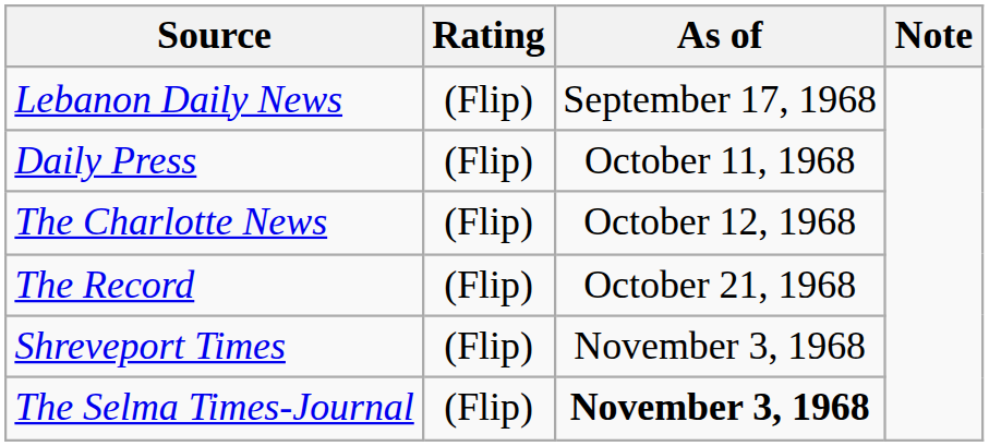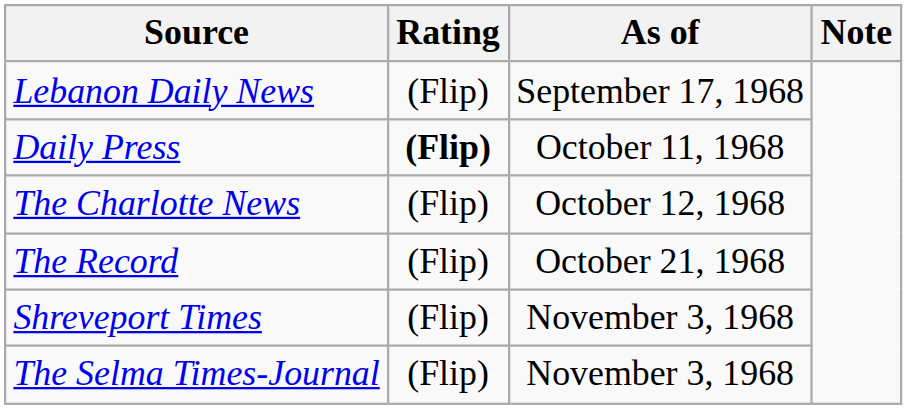 <table class="wikitable" style="text-align:center">
 <tr>
 <th>Source</th>
 <th>Rating</th>
 <th>As of</th>
 <th>Note</th>
 </tr>
 <tr>
 <td align="left"><em><a href='#'>Lebanon Daily News</a></em></td>
 <td>(Flip)</td>
 <td>September 17, 1968</td>
 <td rowspan="6"></td>
 </tr>
 <tr>
 <td align="left"><em><a href='#'>Daily Press</a></em></td>
-<td>(Flip)</td>
+<td><strong>(Flip)</strong></td>
 <td>October 11, 1968</td>
 </tr>
 <tr>
 <td align="left"><em><a href='#'>The Charlotte News</a></em></td>
 <td>(Flip)</td>
 <td>October 12, 1968</td>
 </tr>
 <tr>
 <td align="left"><em><a href='#'>The Record</a></em></td>
 <td>(Flip)</td>
 <td>October 21, 1968</td>
 </tr>
 <tr>
 <td align="left"><em><a href='#'>Shreveport Times</a></em></td>
 <td>(Flip)</td>
 <td>November 3, 1968</td>
 </tr>
 <tr>
 <td align="left"><em><a href='#'>The Selma Times-Journal</a></em></td>
 <td>(Flip)</td>
-<td><strong>November 3, 1968</strong></td>
+<td>November 3, 1968</td>
 </tr>
 </table>
